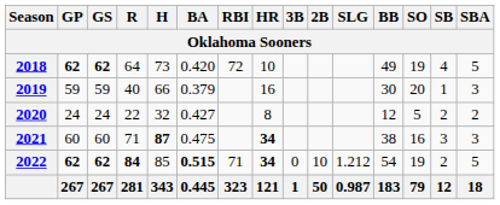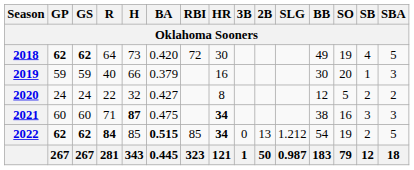 <table class="wikitable" style="text-align:center;">
 <tr>
 <th>Season</th>
 <th>GP</th>
 <th>GS</th>
 <th>R</th>
 <th>H</th>
 <th>BA</th>
 <th>RBI</th>
 <th>HR</th>
 <th>3B</th>
 <th>2B</th>
 <th>SLG</th>
 <th>BB</th>
 <th>SO</th>
 <th>SB</th>
 <th>SBA</th>
 </tr>
 <tr>
 <th colspan="15">Oklahoma Sooners</th>
 </tr>
 <tr>
 <th><a href='#'>2018</a></th>
 <td><strong>62</strong></td>
 <td><strong>62</strong></td>
 <td>64</td>
 <td>73</td>
 <td>0.420</td>
 <td>72</td>
-<td>10</td>
+<td>30</td>
 <td></td>
 <td></td>
 <td></td>
 <td>49</td>
 <td>19</td>
 <td>4</td>
 <td>5</td>
 </tr>
 <tr>
 <th><a href='#'>2019</a></th>
 <td>59</td>
 <td>59</td>
 <td>40</td>
 <td>66</td>
 <td>0.379</td>
 <td></td>
 <td>16</td>
 <td></td>
 <td></td>
 <td></td>
 <td>30</td>
 <td>20</td>
 <td>1</td>
 <td>3</td>
 </tr>
 <tr>
 <th><a href='#'>2020</a></th>
 <td>24</td>
 <td>24</td>
 <td>22</td>
 <td>32</td>
 <td>0.427</td>
 <td></td>
 <td>8</td>
 <td></td>
 <td></td>
 <td></td>
 <td>12</td>
 <td>5</td>
 <td>2</td>
 <td>2</td>
 </tr>
 <tr>
 <th><a href='#'>2021</a></th>
 <td>60</td>
 <td>60</td>
 <td>71</td>
 <td><strong>87</strong></td>
 <td>0.475</td>
 <td></td>
 <td><strong>34</strong></td>
 <td></td>
 <td></td>
 <td></td>
 <td>38</td>
 <td>16</td>
 <td>3</td>
 <td>3</td>
 </tr>
 <tr>
 <th><a href='#'>2022</a></th>
 <td><strong>62</strong></td>
 <td><strong>62</strong></td>
 <td><strong>84</strong></td>
 <td>85</td>
 <td><strong>0.515</strong></td>
-<td>71</td>
+<td>85</td>
 <td><strong>34</strong></td>
 <td>0</td>
-<td>10</td>
+<td>13</td>
 <td>1.212</td>
 <td>54</td>
 <td>19</td>
 <td>2</td>
 <td>5</td>
 </tr>
 <tr>
 <th></th>
 <th>267</th>
 <th>267</th>
 <th>281</th>
 <th>343</th>
 <th>0.445</th>
 <th>323</th>
 <th>121</th>
 <th>1</th>
 <th>50</th>
 <th>0.987</th>
 <th>183</th>
 <th>79</th>
 <th>12</th>
 <th>18</th>
 </tr>
 </table>
